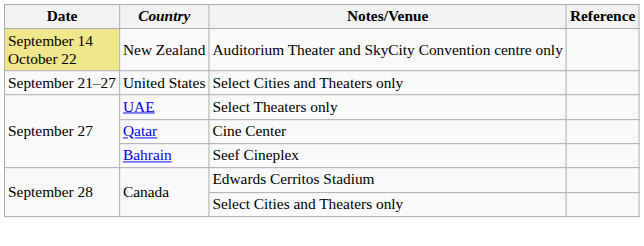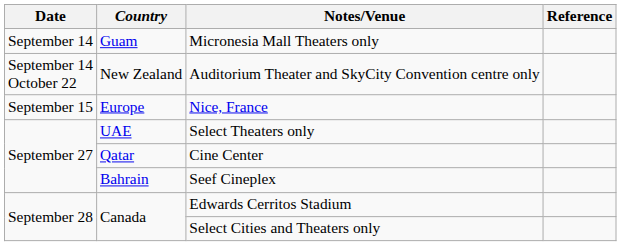 <table class="wikitable">
 <tr>
 <th>Date</th>
 <th><em>Country</em></th>
 <th>Notes/Venue</th>
 <th>Reference</th>
 </tr>
 <tr>
-<td style="background: khaki;">September 14<br>October 22</td>
+<td>September 14</td>
+<td><a href='#'>Guam</a></td>
+<td>Micronesia Mall Theaters only</td>
+<td style="text-align:center;"></td>
+</tr>
+<tr>
+<td>September 14<br>October 22</td>
 <td>New Zealand</td>
 <td>Auditorium Theater and SkyCity Convention centre only</td>
 <td style="text-align:center;"></td>
 </tr>
 <tr>
-<td>September 21–27</td>
-<td>United States</td>
-<td>Select Cities and Theaters only</td>
+<td>September 15</td>
+<td><a href='#'>Europe</a></td>
+<td><a href='#'>Nice, France</a></td>
 <td style="text-align:center;"></td>
 </tr>
 <tr>
 <td rowspan=3>September 27</td>
 <td><a href='#'>UAE</a></td>
 <td>Select Theaters only</td>
 <td style="text-align:center;"></td>
 </tr>
 <tr>
 <td><a href='#'>Qatar</a></td>
 <td>Cine Center</td>
 <td style="text-align:center;"></td>
 </tr>
 <tr>
 <td><a href='#'>Bahrain</a></td>
 <td>Seef Cineplex</td>
 <td style="text-align:center;"></td>
 </tr>
 <tr>
 <td rowspan=2>September 28</td>
 <td rowspan=2>Canada</td>
 <td>Edwards Cerritos Stadium</td>
 <td style="text-align:center;"></td>
 </tr>
 <tr>
 <td>Select Cities and Theaters only</td>
 <td style="text-align:center;"></td>
 </tr>
 </table>
